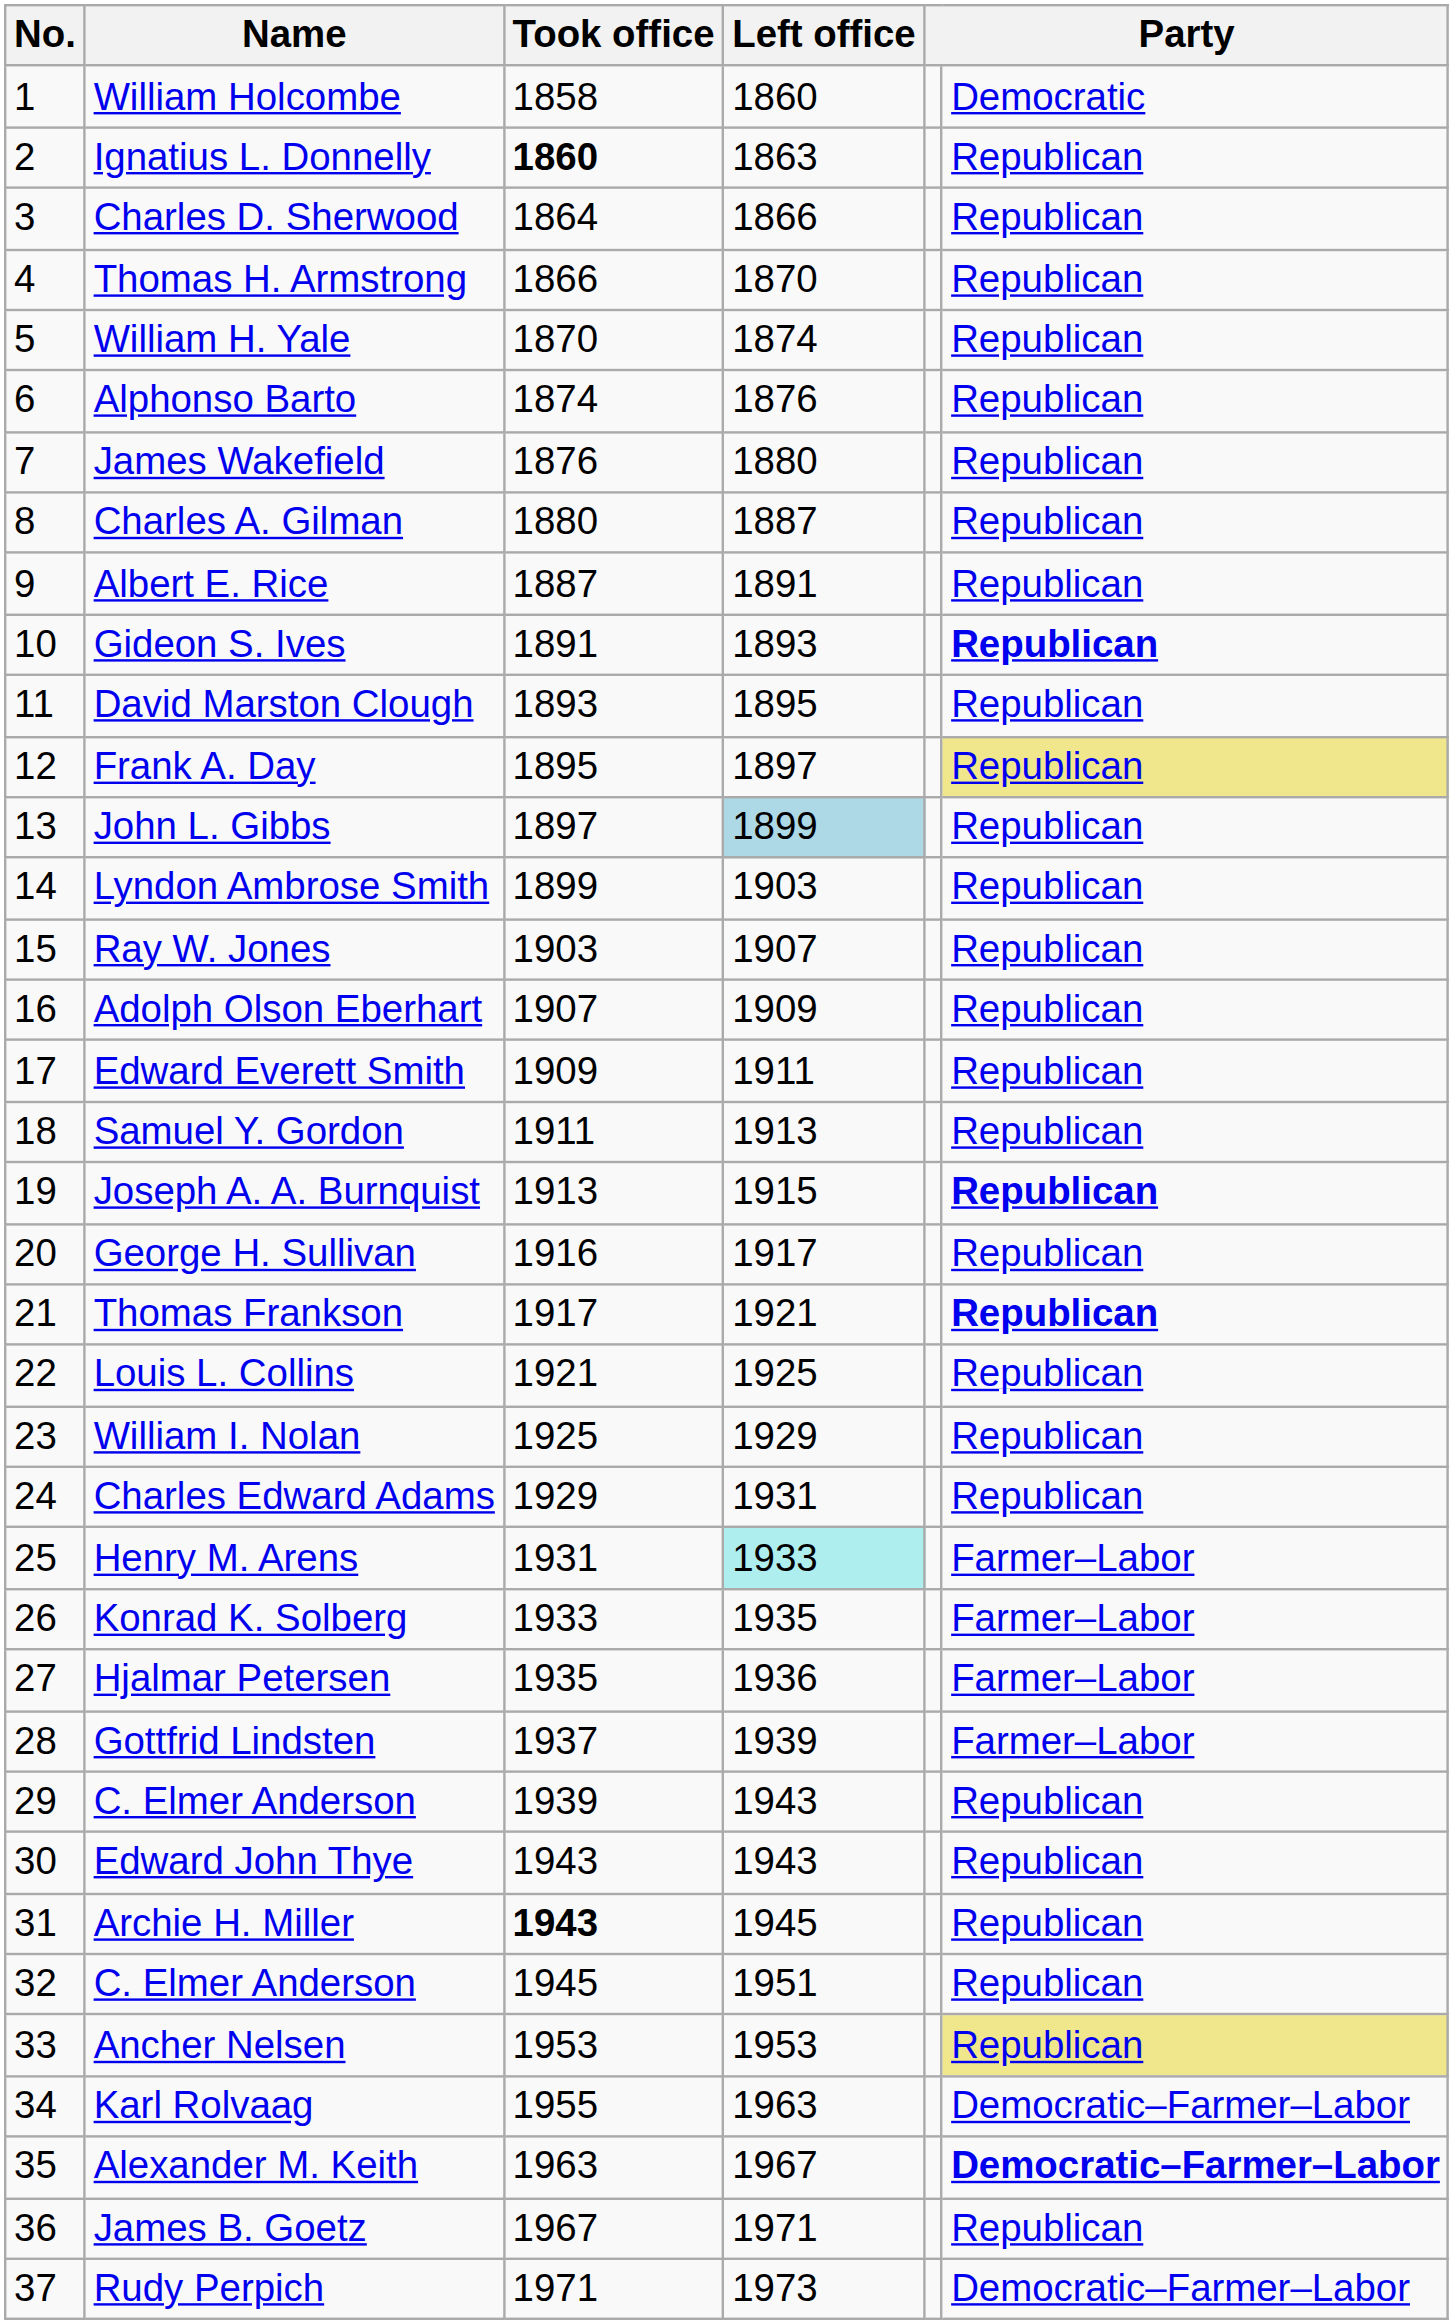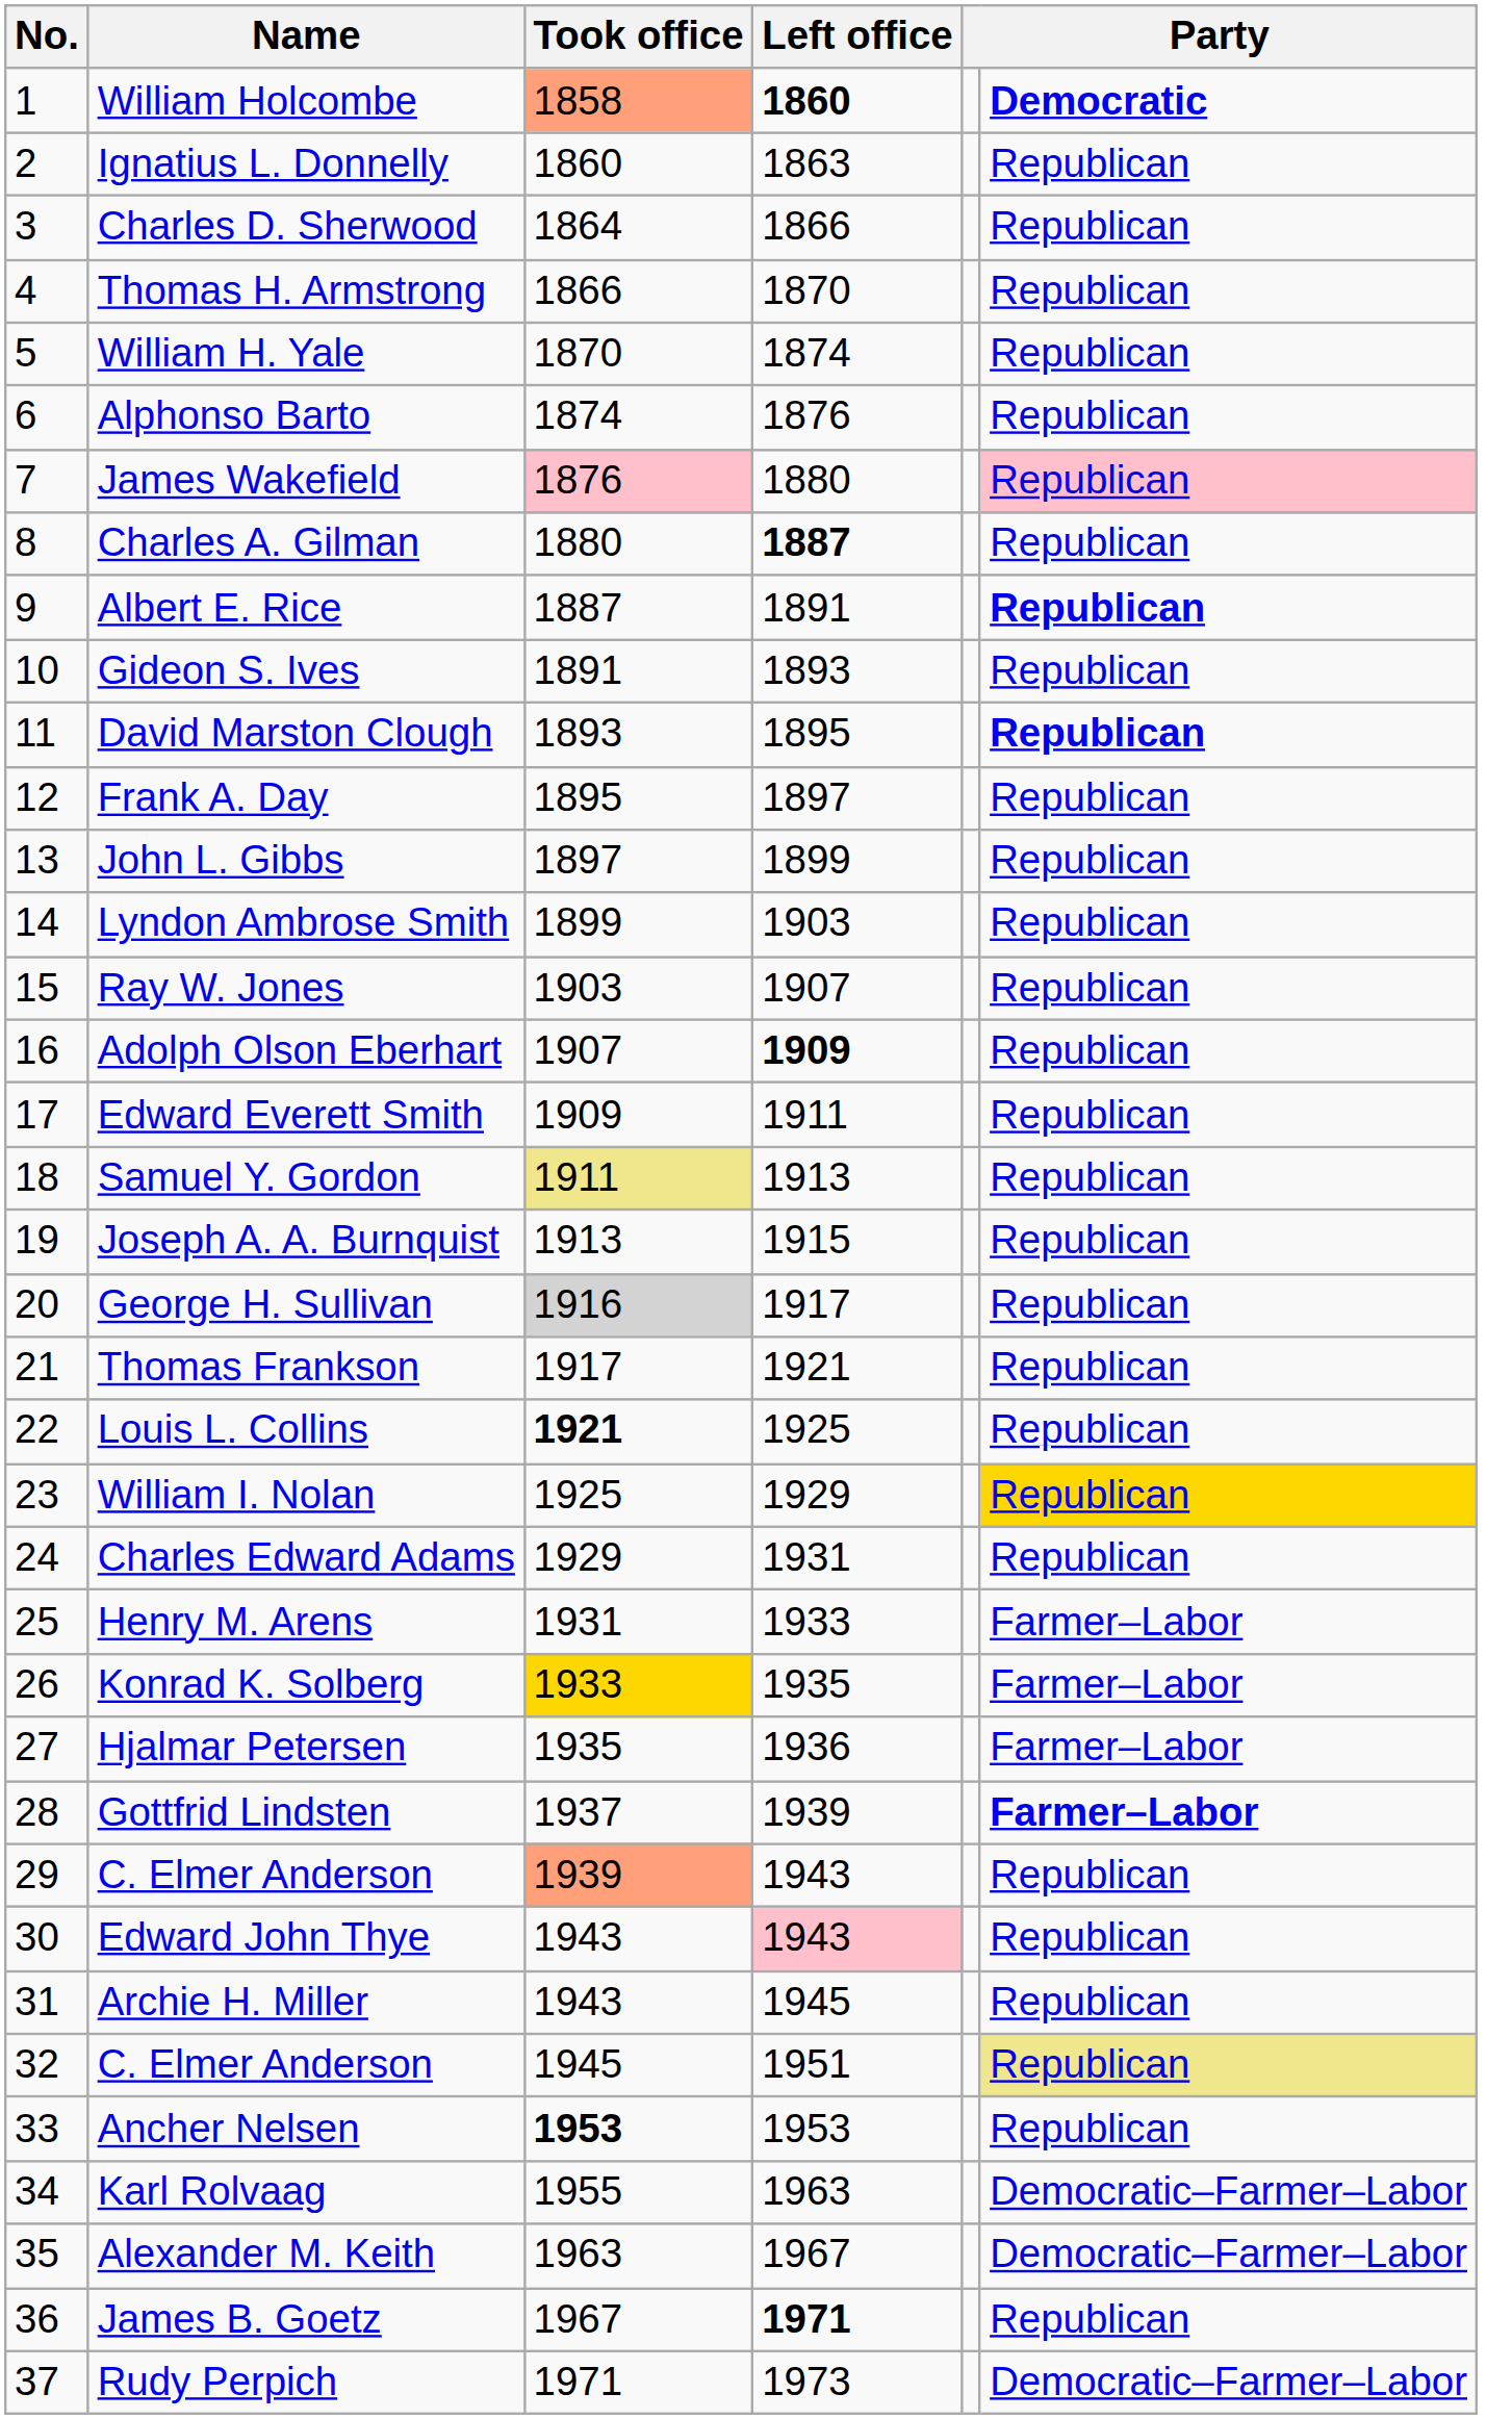 <table class="wikitable sortable">
 <tr>
 <th>No.</th>
 <th>Name</th>
 <th>Took office</th>
 <th>Left office</th>
 <th colspan="2">Party</th>
 </tr>
 <tr>
 <td>1</td>
 <td><a href='#'>William Holcombe</a></td>
-<td>1858</td>
-<td>1860</td>
+<td style="background: lightsalmon;">1858</td>
+<td><strong>1860</strong></td>
 <td style="background:"></td>
-<td><a href='#'>Democratic</a></td>
+<td><strong><a href='#'>Democratic</a></strong></td>
 </tr>
 <tr>
 <td>2</td>
 <td><a href='#'>Ignatius L. Donnelly</a></td>
-<td><strong>1860</strong></td>
+<td>1860</td>
 <td>1863</td>
 <td style="background:"></td>
 <td><a href='#'>Republican</a></td>
 </tr>
 <tr>
 <td>3</td>
 <td><a href='#'>Charles D. Sherwood</a></td>
 <td>1864</td>
 <td>1866</td>
 <td style="background:"></td>
 <td><a href='#'>Republican</a></td>
 </tr>
 <tr>
 <td>4</td>
 <td><a href='#'>Thomas H. Armstrong</a></td>
 <td>1866</td>
 <td>1870</td>
 <td style="background:"></td>
 <td><a href='#'>Republican</a></td>
 </tr>
 <tr>
 <td>5</td>
 <td><a href='#'>William H. Yale</a></td>
 <td>1870</td>
 <td>1874</td>
 <td style="background:"></td>
 <td><a href='#'>Republican</a></td>
 </tr>
 <tr>
 <td>6</td>
 <td><a href='#'>Alphonso Barto</a></td>
 <td>1874</td>
 <td>1876</td>
 <td style="background:"></td>
 <td><a href='#'>Republican</a></td>
 </tr>
 <tr>
 <td>7</td>
 <td><a href='#'>James Wakefield</a></td>
-<td>1876</td>
+<td style="background: pink;">1876</td>
 <td>1880</td>
 <td style="background:"></td>
-<td><a href='#'>Republican</a></td>
+<td style="background: pink;"><a href='#'>Republican</a></td>
 </tr>
 <tr>
 <td>8</td>
 <td><a href='#'>Charles A. Gilman</a></td>
 <td>1880</td>
-<td>1887</td>
+<td><strong>1887</strong></td>
 <td style="background:"></td>
 <td><a href='#'>Republican</a></td>
 </tr>
 <tr>
 <td>9</td>
 <td><a href='#'>Albert E. Rice</a></td>
 <td>1887</td>
 <td>1891</td>
 <td style="background:"></td>
-<td><a href='#'>Republican</a></td>
+<td><strong><a href='#'>Republican</a></strong></td>
 </tr>
 <tr>
 <td>10</td>
 <td><a href='#'>Gideon S. Ives</a></td>
 <td>1891</td>
 <td>1893</td>
 <td style="background:"></td>
-<td><strong><a href='#'>Republican</a></strong></td>
+<td><a href='#'>Republican</a></td>
 </tr>
 <tr>
 <td>11</td>
 <td><a href='#'>David Marston Clough</a></td>
 <td>1893</td>
 <td>1895</td>
 <td style="background:"></td>
-<td><a href='#'>Republican</a></td>
+<td><strong><a href='#'>Republican</a></strong></td>
 </tr>
 <tr>
 <td>12</td>
 <td><a href='#'>Frank A. Day</a></td>
 <td>1895</td>
 <td>1897</td>
 <td style="background:"></td>
-<td style="background: khaki;"><a href='#'>Republican</a></td>
+<td><a href='#'>Republican</a></td>
 </tr>
 <tr>
 <td>13</td>
 <td><a href='#'>John L. Gibbs</a></td>
 <td>1897</td>
-<td style="background: lightblue;">1899</td>
+<td>1899</td>
 <td style="background:"></td>
 <td><a href='#'>Republican</a></td>
 </tr>
 <tr>
 <td>14</td>
 <td><a href='#'>Lyndon Ambrose Smith</a></td>
 <td>1899</td>
 <td>1903</td>
 <td style="background:"></td>
 <td><a href='#'>Republican</a></td>
 </tr>
 <tr>
 <td>15</td>
 <td><a href='#'>Ray W. Jones</a></td>
 <td>1903</td>
 <td>1907</td>
 <td style="background:"></td>
 <td><a href='#'>Republican</a></td>
 </tr>
 <tr>
 <td>16</td>
 <td><a href='#'>Adolph Olson Eberhart</a></td>
 <td>1907</td>
-<td>1909</td>
+<td><strong>1909</strong></td>
 <td style="background:"></td>
 <td><a href='#'>Republican</a></td>
 </tr>
 <tr>
 <td>17</td>
 <td><a href='#'>Edward Everett Smith</a></td>
 <td>1909</td>
 <td>1911</td>
 <td style="background:"></td>
 <td><a href='#'>Republican</a></td>
 </tr>
 <tr>
 <td>18</td>
 <td><a href='#'>Samuel Y. Gordon</a></td>
-<td>1911</td>
+<td style="background: khaki;">1911</td>
 <td>1913</td>
 <td style="background:"></td>
 <td><a href='#'>Republican</a></td>
 </tr>
 <tr>
 <td>19</td>
 <td><a href='#'>Joseph A. A. Burnquist</a></td>
 <td>1913</td>
 <td>1915</td>
 <td style="background:"></td>
-<td><strong><a href='#'>Republican</a></strong></td>
+<td><a href='#'>Republican</a></td>
 </tr>
 <tr>
 <td>20</td>
 <td><a href='#'>George H. Sullivan</a></td>
-<td>1916</td>
+<td style="background: lightgrey;">1916</td>
 <td>1917</td>
 <td style="background:"></td>
 <td><a href='#'>Republican</a></td>
 </tr>
 <tr>
 <td>21</td>
 <td><a href='#'>Thomas Frankson</a></td>
 <td>1917</td>
 <td>1921</td>
 <td style="background:"></td>
-<td><strong><a href='#'>Republican</a></strong></td>
+<td><a href='#'>Republican</a></td>
 </tr>
 <tr>
 <td>22</td>
 <td><a href='#'>Louis L. Collins</a></td>
-<td>1921</td>
+<td><strong>1921</strong></td>
 <td>1925</td>
 <td style="background:"></td>
 <td><a href='#'>Republican</a></td>
 </tr>
 <tr>
 <td>23</td>
 <td><a href='#'>William I. Nolan</a></td>
 <td>1925</td>
 <td>1929</td>
 <td style="background:"></td>
-<td><a href='#'>Republican</a></td>
+<td style="background: gold;"><a href='#'>Republican</a></td>
 </tr>
 <tr>
 <td>24</td>
 <td><a href='#'>Charles Edward Adams</a></td>
 <td>1929</td>
 <td>1931</td>
 <td style="background:"></td>
 <td><a href='#'>Republican</a></td>
 </tr>
 <tr>
 <td>25</td>
 <td><a href='#'>Henry M. Arens</a></td>
 <td>1931</td>
-<td style="background: paleturquoise;">1933</td>
+<td>1933</td>
 <td style="background:"></td>
 <td><a href='#'>Farmer–Labor</a></td>
 </tr>
 <tr>
 <td>26</td>
 <td><a href='#'>Konrad K. Solberg</a></td>
-<td>1933</td>
+<td style="background: gold;">1933</td>
 <td>1935</td>
 <td style="background:"></td>
 <td><a href='#'>Farmer–Labor</a></td>
 </tr>
 <tr>
 <td>27</td>
 <td><a href='#'>Hjalmar Petersen</a></td>
 <td>1935</td>
 <td>1936</td>
 <td style="background:"></td>
 <td><a href='#'>Farmer–Labor</a></td>
 </tr>
 <tr>
 <td>28</td>
 <td><a href='#'>Gottfrid Lindsten</a></td>
 <td>1937</td>
 <td>1939</td>
 <td style="background:"></td>
-<td><a href='#'>Farmer–Labor</a></td>
+<td><strong><a href='#'>Farmer–Labor</a></strong></td>
 </tr>
 <tr>
 <td>29</td>
 <td><a href='#'>C. Elmer Anderson</a></td>
-<td>1939</td>
+<td style="background: lightsalmon;">1939</td>
 <td>1943</td>
 <td style="background:"></td>
 <td><a href='#'>Republican</a></td>
 </tr>
 <tr>
 <td>30</td>
 <td><a href='#'>Edward John Thye</a></td>
 <td>1943</td>
-<td>1943</td>
+<td style="background: pink;">1943</td>
 <td style="background:"></td>
 <td><a href='#'>Republican</a></td>
 </tr>
 <tr>
 <td>31</td>
 <td><a href='#'>Archie H. Miller</a></td>
-<td><strong>1943</strong></td>
+<td>1943</td>
 <td>1945</td>
 <td style="background:"></td>
 <td><a href='#'>Republican</a></td>
 </tr>
 <tr>
 <td>32</td>
 <td><a href='#'>C. Elmer Anderson</a></td>
 <td>1945</td>
 <td>1951</td>
 <td style="background:"></td>
-<td><a href='#'>Republican</a></td>
+<td style="background: khaki;"><a href='#'>Republican</a></td>
 </tr>
 <tr>
 <td>33</td>
 <td><a href='#'>Ancher Nelsen</a></td>
-<td>1953</td>
+<td><strong>1953</strong></td>
 <td>1953</td>
 <td style="background:"></td>
-<td style="background: khaki;"><a href='#'>Republican</a></td>
+<td><a href='#'>Republican</a></td>
 </tr>
 <tr>
 <td>34</td>
 <td><a href='#'>Karl Rolvaag</a></td>
 <td>1955</td>
 <td>1963</td>
 <td style="background:"></td>
 <td><a href='#'>Democratic–Farmer–Labor</a></td>
 </tr>
 <tr>
 <td>35</td>
 <td><a href='#'>Alexander M. Keith</a></td>
 <td>1963</td>
 <td>1967</td>
 <td style="background:"></td>
-<td><strong><a href='#'>Democratic–Farmer–Labor</a></strong></td>
+<td><a href='#'>Democratic–Farmer–Labor</a></td>
 </tr>
 <tr>
 <td>36</td>
 <td><a href='#'>James B. Goetz</a></td>
 <td>1967</td>
-<td>1971</td>
+<td><strong>1971</strong></td>
 <td style="background:"></td>
 <td><a href='#'>Republican</a></td>
 </tr>
 <tr>
 <td>37</td>
 <td><a href='#'>Rudy Perpich</a></td>
 <td>1971</td>
 <td>1973</td>
 <td style="background:"></td>
 <td><a href='#'>Democratic–Farmer–Labor</a></td>
 </tr>
 </table>
